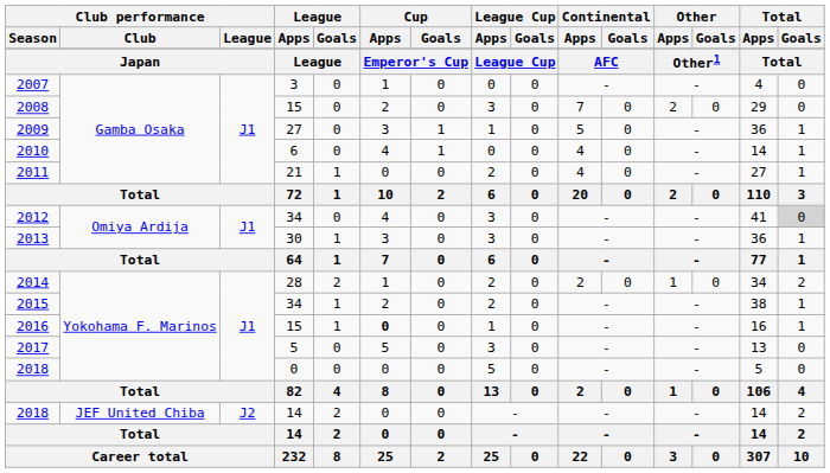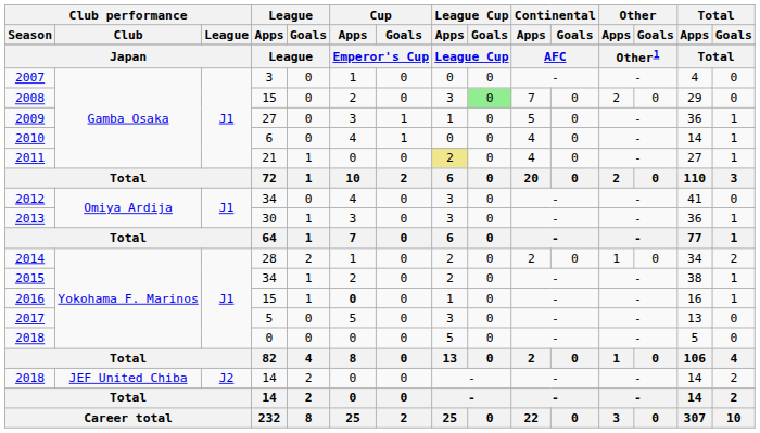 <table class="wikitable" style="text-align:center">
 <tr>
 <th colspan=3>Club performance</th>
 <th colspan=2>League</th>
 <th colspan=2>Cup</th>
 <th colspan=2>League Cup</th>
 <th colspan=2>Continental</th>
 <th colspan=2>Other</th>
 <th colspan=2>Total</th>
 </tr>
 <tr>
 <th>Season</th>
 <th>Club</th>
 <th>League</th>
 <th>Apps</th>
 <th>Goals</th>
 <th>Apps</th>
 <th>Goals</th>
 <th>Apps</th>
 <th>Goals</th>
 <th>Apps</th>
 <th>Goals</th>
 <th>Apps</th>
 <th>Goals</th>
 <th>Apps</th>
 <th>Goals</th>
 </tr>
 <tr>
 </tr>
 <tr>
 <th colspan=3>Japan</th>
 <th colspan=2>League</th>
 <th colspan=2><a href='#'>Emperor's Cup</a></th>
 <th colspan=2><a href='#'>League Cup</a></th>
 <th colspan=2><a href='#'>AFC</a></th>
 <th colspan=2>Other<sup><a href='#'>1</a></sup></th>
 <th colspan=2>Total</th>
 </tr>
 <tr>
 <td><a href='#'>2007</a></td>
 <td rowspan="5"><a href='#'>Gamba Osaka</a></td>
 <td rowspan="5"><a href='#'>J1</a></td>
 <td>3</td>
 <td>0</td>
 <td>1</td>
 <td>0</td>
 <td>0</td>
 <td>0</td>
 <td colspan="2">-</td>
 <td colspan="2">-</td>
 <td>4</td>
 <td>0</td>
 </tr>
 <tr>
 <td><a href='#'>2008</a></td>
 <td>15</td>
 <td>0</td>
 <td>2</td>
 <td>0</td>
 <td>3</td>
-<td>0</td>
+<td style="background: lightgreen;">0</td>
 <td>7</td>
 <td>0</td>
 <td>2</td>
 <td>0</td>
 <td>29</td>
 <td>0</td>
 </tr>
 <tr>
 <td><a href='#'>2009</a></td>
 <td>27</td>
 <td>0</td>
 <td>3</td>
 <td>1</td>
 <td>1</td>
 <td>0</td>
 <td>5</td>
 <td>0</td>
 <td colspan="2">-</td>
 <td>36</td>
 <td>1</td>
 </tr>
 <tr>
 <td><a href='#'>2010</a></td>
 <td>6</td>
 <td>0</td>
 <td>4</td>
 <td>1</td>
 <td>0</td>
 <td>0</td>
 <td>4</td>
 <td>0</td>
 <td colspan="2">-</td>
 <td>14</td>
 <td>1</td>
 </tr>
 <tr>
 <td><a href='#'>2011</a></td>
 <td>21</td>
 <td>1</td>
 <td>0</td>
 <td>0</td>
-<td>2</td>
+<td style="background: khaki;">2</td>
 <td>0</td>
 <td>4</td>
 <td>0</td>
 <td colspan="2">-</td>
 <td>27</td>
 <td>1</td>
 </tr>
 <tr>
 <th colspan=3>Total</th>
 <th>72</th>
 <th>1</th>
 <th>10</th>
 <th>2</th>
 <th>6</th>
 <th>0</th>
 <th>20</th>
 <th>0</th>
 <th>2</th>
 <th>0</th>
 <th>110</th>
 <th>3</th>
 </tr>
 <tr>
 <td><a href='#'>2012</a></td>
 <td rowspan="2"><a href='#'>Omiya Ardija</a></td>
 <td rowspan="2"><a href='#'>J1</a></td>
 <td>34</td>
 <td>0</td>
 <td>4</td>
 <td>0</td>
 <td>3</td>
 <td>0</td>
 <td colspan="2">-</td>
 <td colspan="2">-</td>
 <td>41</td>
-<td style="background: lightgrey;">0</td>
+<td>0</td>
 </tr>
 <tr>
 <td><a href='#'>2013</a></td>
 <td>30</td>
 <td>1</td>
 <td>3</td>
 <td>0</td>
 <td>3</td>
 <td>0</td>
 <td colspan="2">-</td>
 <td colspan="2">-</td>
 <td>36</td>
 <td>1</td>
 </tr>
 <tr>
 <th colspan=3>Total</th>
 <th>64</th>
 <th>1</th>
 <th>7</th>
 <th>0</th>
 <th>6</th>
 <th>0</th>
 <th colspan="2">-</th>
 <th colspan="2">-</th>
 <th>77</th>
 <th>1</th>
 </tr>
 <tr>
 <td><a href='#'>2014</a></td>
 <td rowspan="5"><a href='#'>Yokohama F. Marinos</a></td>
 <td rowspan="5"><a href='#'>J1</a></td>
 <td>28</td>
 <td>2</td>
 <td>1</td>
 <td>0</td>
 <td>2</td>
 <td>0</td>
 <td>2</td>
 <td>0</td>
 <td>1</td>
 <td>0</td>
 <td>34</td>
 <td>2</td>
 </tr>
 <tr>
 <td><a href='#'>2015</a></td>
 <td>34</td>
 <td>1</td>
 <td>2</td>
 <td>0</td>
 <td>2</td>
 <td>0</td>
 <td colspan="2">-</td>
 <td colspan="2">-</td>
 <td>38</td>
 <td>1</td>
 </tr>
 <tr>
 <td><a href='#'>2016</a></td>
 <td>15</td>
 <td>1</td>
 <td><strong>0</strong></td>
 <td>0</td>
 <td>1</td>
 <td>0</td>
 <td colspan="2">-</td>
 <td colspan="2">-</td>
 <td>16</td>
 <td>1</td>
 </tr>
 <tr>
 <td><a href='#'>2017</a></td>
 <td>5</td>
 <td>0</td>
 <td>5</td>
 <td>0</td>
 <td>3</td>
 <td>0</td>
 <td colspan="2">-</td>
 <td colspan="2">-</td>
 <td>13</td>
 <td>0</td>
 </tr>
 <tr>
 <td><a href='#'>2018</a></td>
 <td>0</td>
 <td>0</td>
 <td>0</td>
 <td>0</td>
 <td>5</td>
 <td>0</td>
 <td colspan="2">-</td>
 <td colspan="2">-</td>
 <td>5</td>
 <td>0</td>
 </tr>
 <tr>
 <th colspan=3>Total</th>
 <th>82</th>
 <th>4</th>
 <th>8</th>
 <th>0</th>
 <th>13</th>
 <th>0</th>
 <th>2</th>
 <th>0</th>
 <th>1</th>
 <th>0</th>
 <th>106</th>
 <th>4</th>
 </tr>
 <tr>
 <td><a href='#'>2018</a></td>
 <td rowspan="1"><a href='#'>JEF United Chiba</a></td>
 <td rowspan="1"><a href='#'>J2</a></td>
 <td>14</td>
 <td>2</td>
 <td>0</td>
 <td>0</td>
 <td colspan="2">-</td>
 <td colspan="2">-</td>
 <td colspan="2">-</td>
 <td>14</td>
 <td>2</td>
 </tr>
 <tr>
 <th colspan=3>Total</th>
 <th>14</th>
 <th>2</th>
 <th>0</th>
 <th>0</th>
 <th colspan="2">-</th>
 <th colspan="2">-</th>
 <th colspan="2">-</th>
 <th>14</th>
 <th>2</th>
 </tr>
 <tr>
 <th colspan=3>Career total</th>
 <th>232</th>
 <th>8</th>
 <th>25</th>
 <th>2</th>
 <th>25</th>
 <th>0</th>
 <th>22</th>
 <th>0</th>
 <th>3</th>
 <th>0</th>
 <th>307</th>
 <th>10</th>
 </tr>
 </table>
